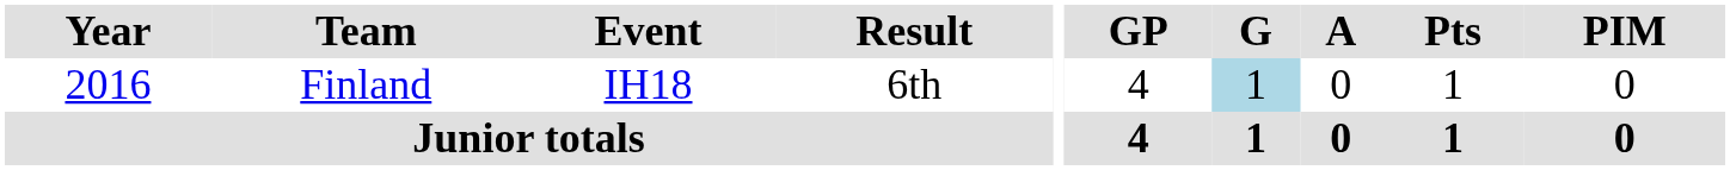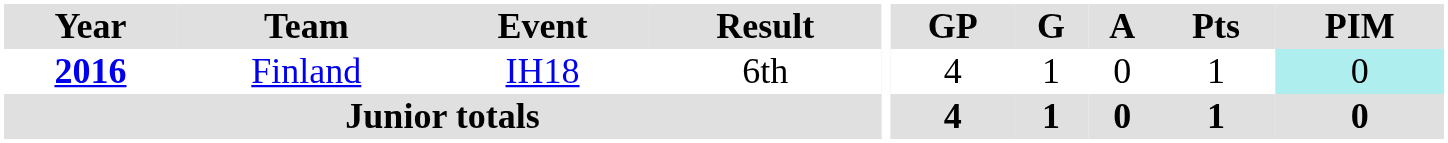 <table border="0" cellpadding="1" cellspacing="0" ID="Table3" style="text-align:center; width:40em;">
 <tr bgcolor="#e0e0e0">
 <th>Year</th>
 <th>Team</th>
 <th>Event</th>
 <th>Result</th>
 <th rowspan="99" bgcolor="#ffffff"></th>
 <th>GP</th>
 <th>G</th>
 <th>A</th>
 <th>Pts</th>
 <th>PIM</th>
 </tr>
 <tr>
-<td><a href='#'>2016</a></td>
+<td><strong><a href='#'>2016</a></strong></td>
 <td><a href='#'>Finland</a></td>
 <td><a href='#'>IH18</a></td>
 <td>6th</td>
 <td>4</td>
-<td style="background: lightblue;">1</td>
+<td>1</td>
 <td>0</td>
 <td>1</td>
-<td>0</td>
+<td style="background: paleturquoise;">0</td>
 </tr>
 <tr bgcolor="#e0e0e0">
 <th colspan="4">Junior totals</th>
 <th>4</th>
 <th>1</th>
 <th>0</th>
 <th>1</th>
 <th>0</th>
 </tr>
 </table>
